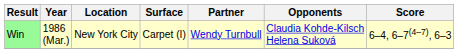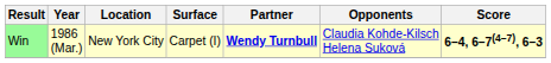 <table class="wikitable sortable">
 <tr>
 <th>Result</th>
 <th style="width:35px">Year</th>
 <th><strong>Location</strong></th>
 <th><strong>Surface</strong></th>
 <th><strong>Partner</strong></th>
 <th><strong>Opponents</strong></th>
 <th><strong>Score</strong></th>
 </tr>
 <tr bgcolor=ffffcc>
 <td style="background:#98fb98;">Win</td>
 <td>1986 (Mar.)</td>
 <td>New York City</td>
 <td>Carpet (I)</td>
-<td> <a href='#'>Wendy Turnbull</a></td>
+<td><strong> <a href='#'>Wendy Turnbull</a></strong></td>
 <td> <a href='#'>Claudia Kohde-Kilsch</a><br>  <a href='#'>Helena Suková</a></td>
-<td>6–4, 6–7<sup>(4–7)</sup>, 6–3</td>
+<td><strong>6–4, 6–7<sup>(4–7)</sup>, 6–3</strong></td>
 </tr>
 <tr>
 </tr>
 </table>
